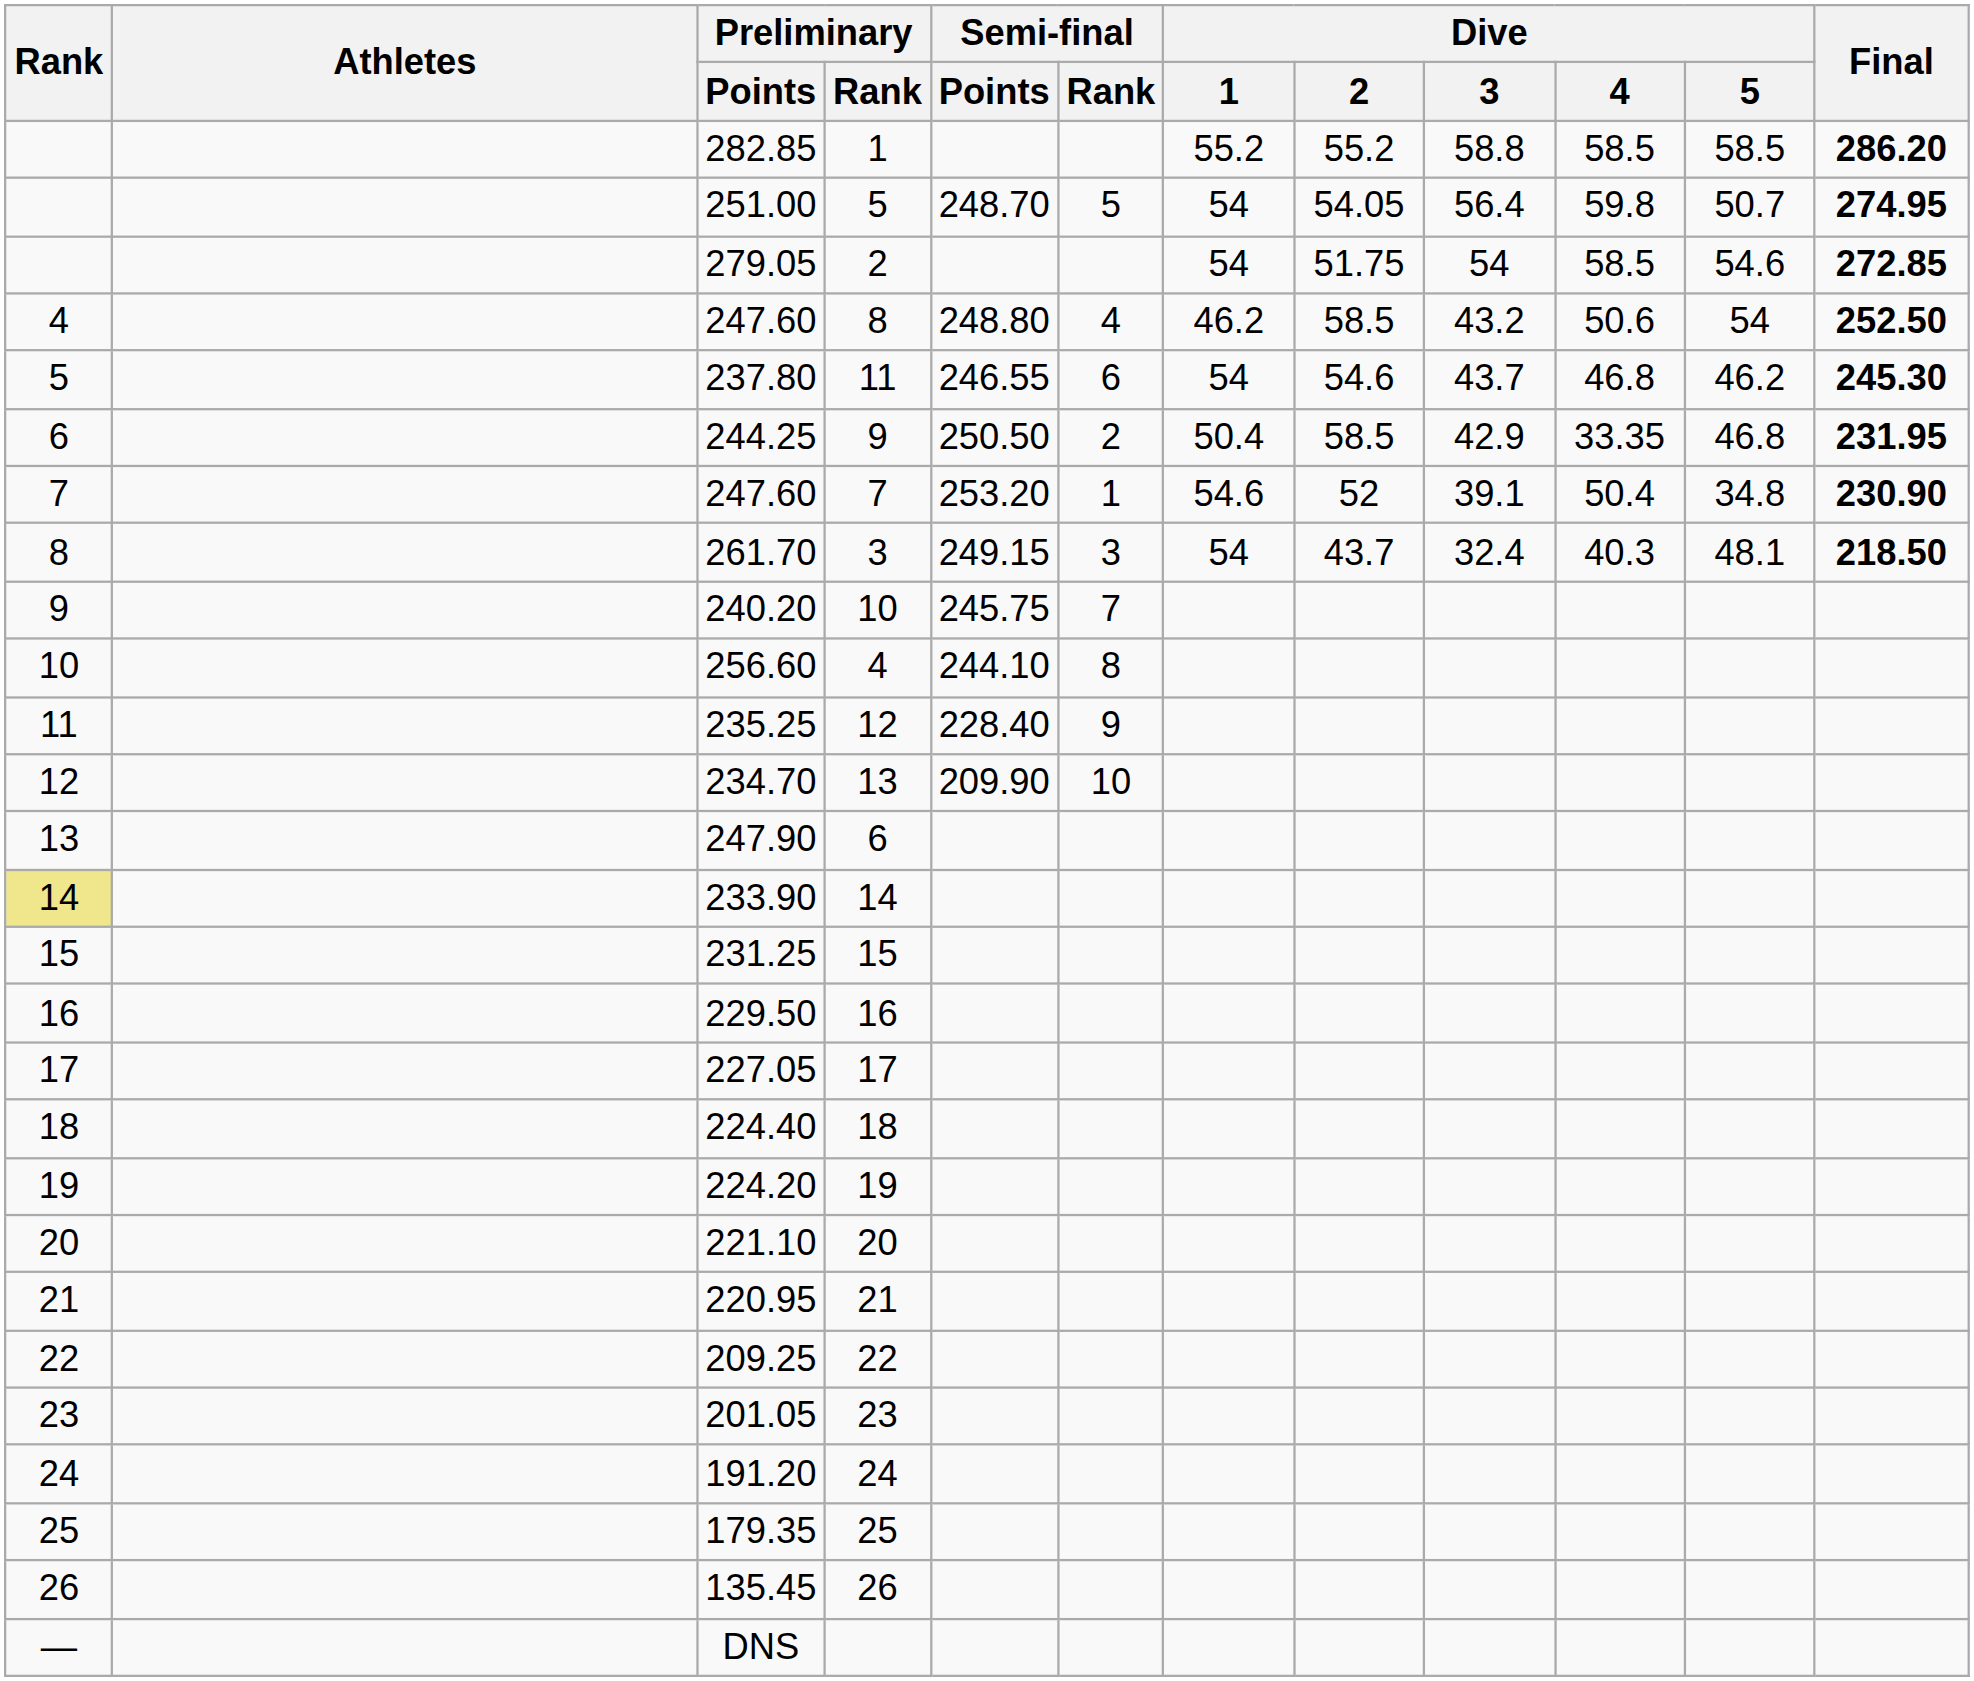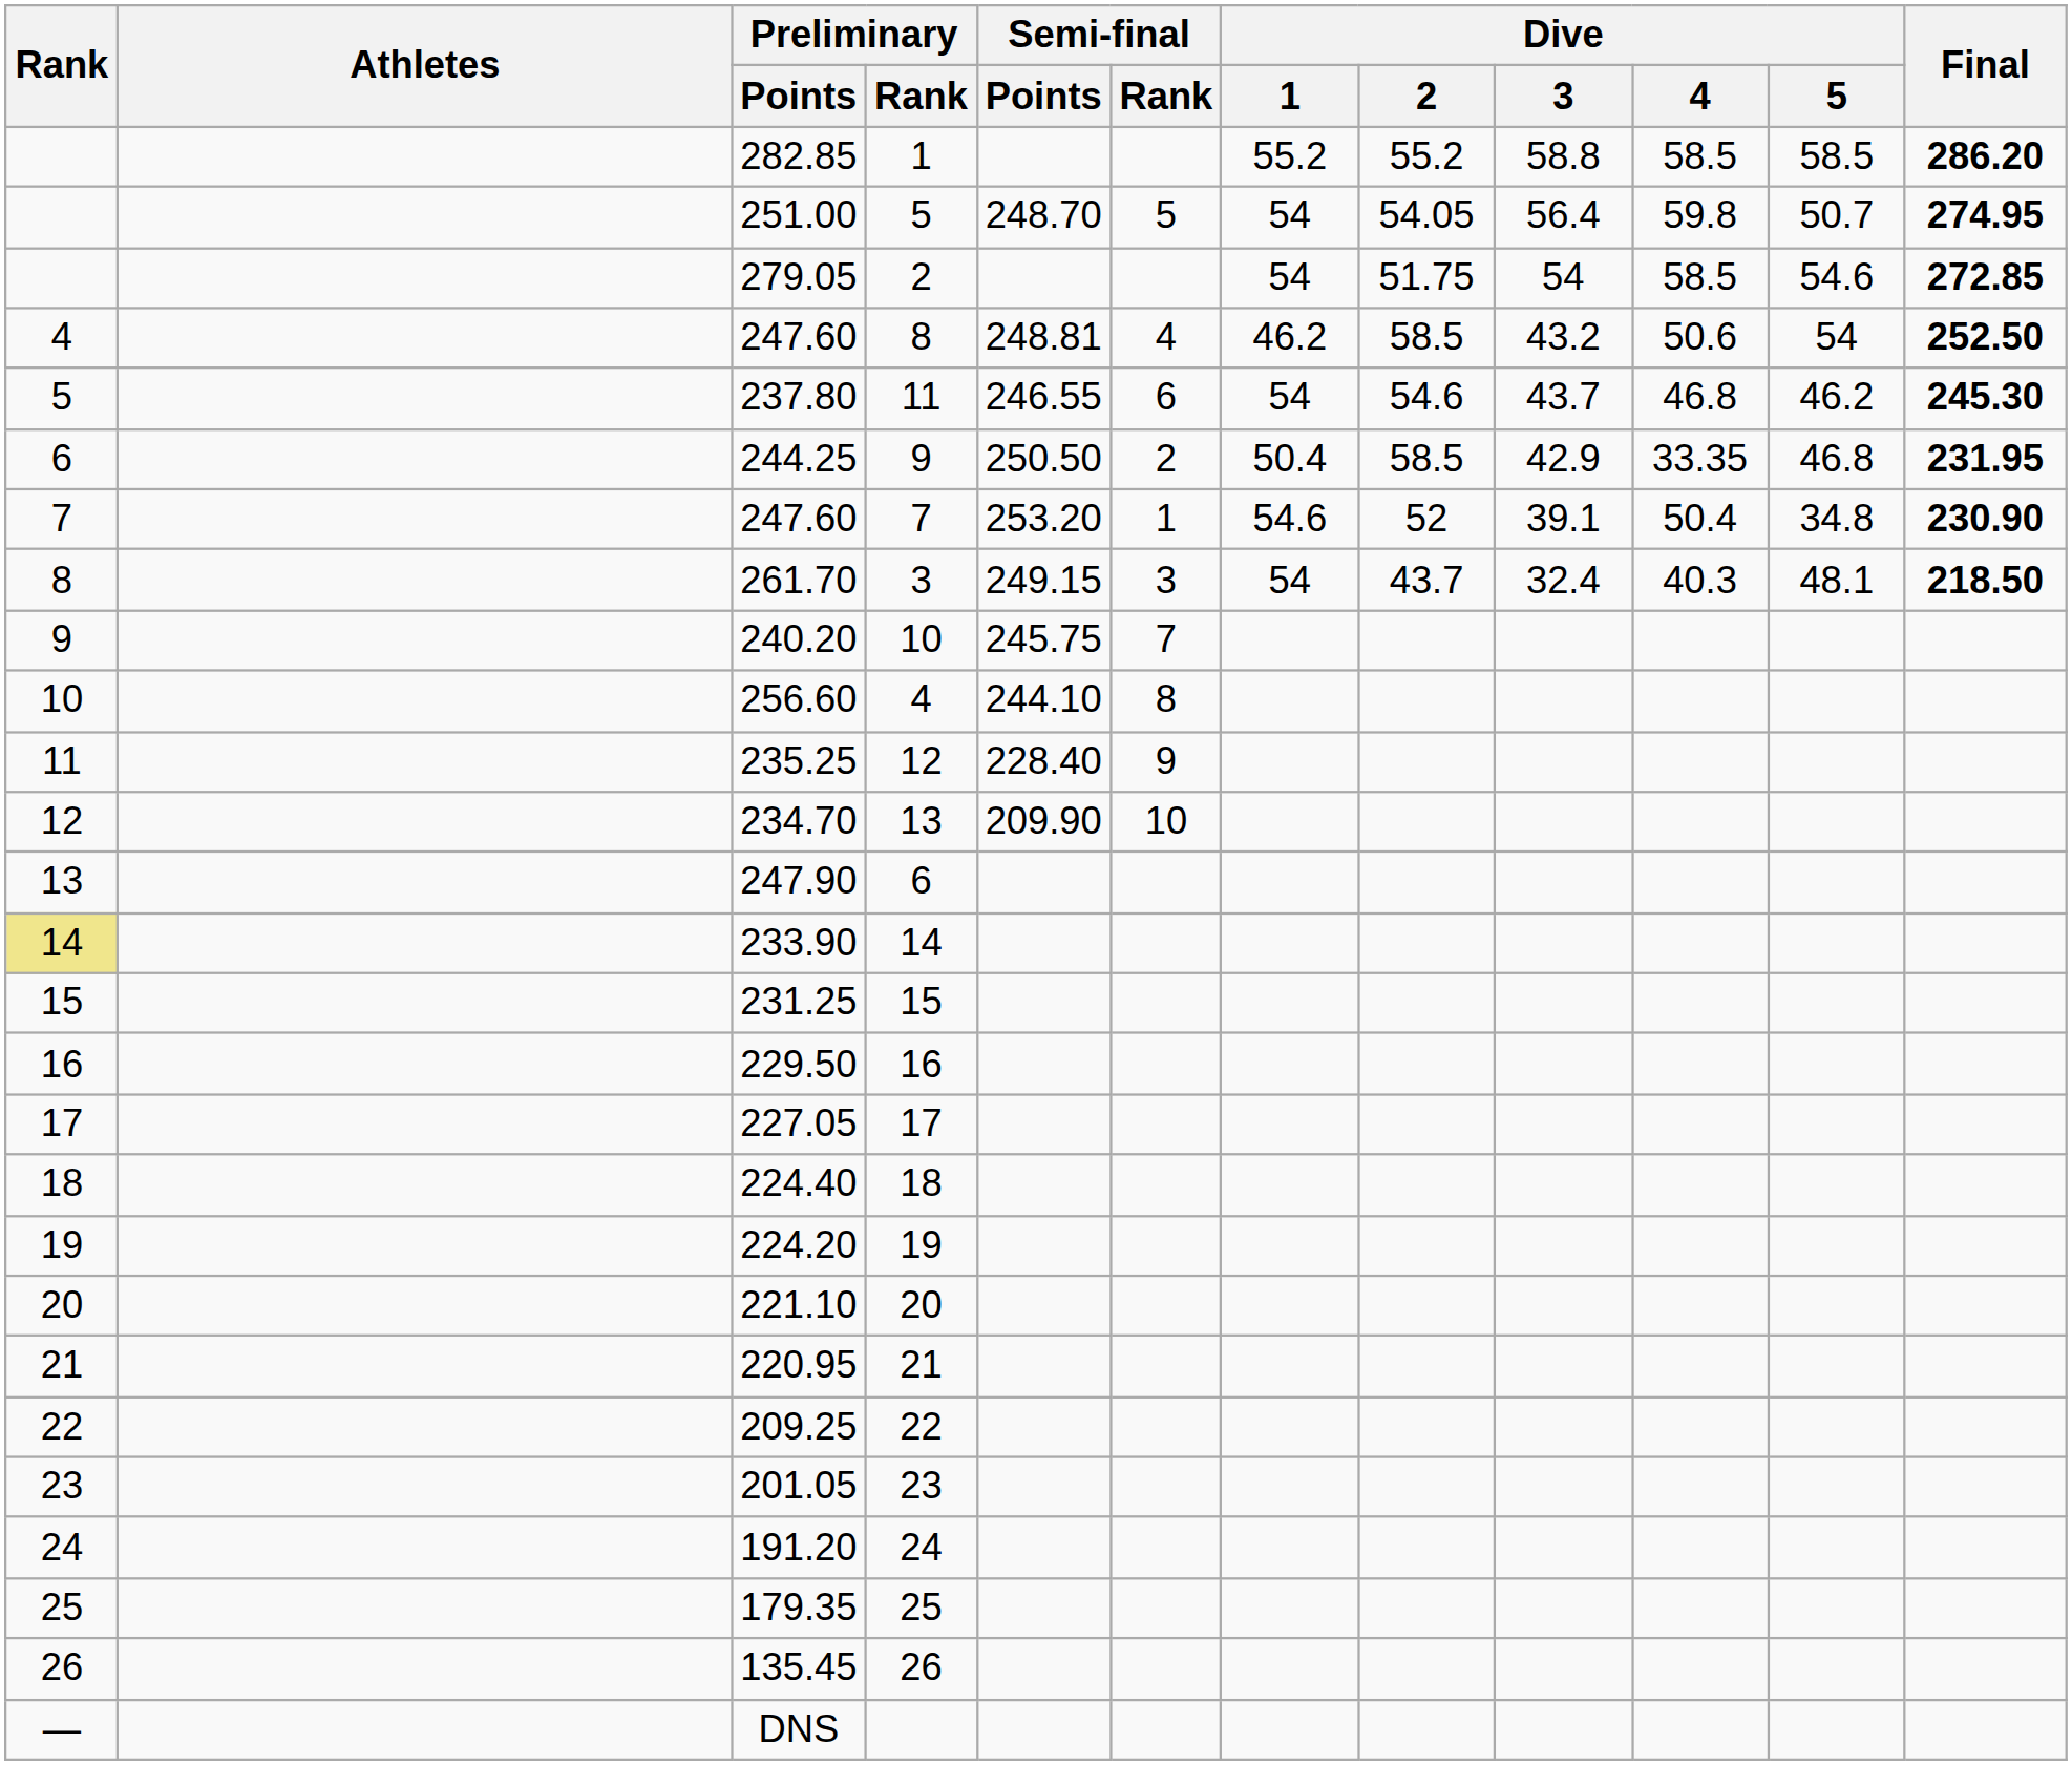 <table class="wikitable" style="text-align:center">
 <tr>
 <th rowspan="2" width=40>Rank</th>
 <th rowspan="2" width=250>Athletes</th>
 <th colspan="2">Preliminary</th>
 <th colspan="2">Semi-final</th>
 <th colspan="5">Dive</th>
 <th rowspan="2" width=60>Final</th>
 </tr>
 <tr>
 <th>Points</th>
 <th>Rank</th>
 <th>Points</th>
 <th>Rank</th>
 <th width=50>1</th>
 <th width=50>2</th>
 <th width=50>3</th>
 <th width=50>4</th>
 <th width=50>5</th>
 </tr>
 <tr>
 <td></td>
 <td align=left></td>
 <td>282.85</td>
 <td>1</td>
 <td></td>
 <td></td>
 <td>55.2</td>
 <td>55.2</td>
 <td>58.8</td>
 <td>58.5</td>
 <td>58.5</td>
 <td><strong>286.20</strong></td>
 </tr>
 <tr>
 <td></td>
 <td align=left></td>
 <td>251.00</td>
 <td>5</td>
 <td>248.70</td>
 <td>5</td>
 <td>54</td>
 <td>54.05</td>
 <td>56.4</td>
 <td>59.8</td>
 <td>50.7</td>
 <td><strong>274.95</strong></td>
 </tr>
 <tr>
 <td></td>
 <td align=left></td>
 <td>279.05</td>
 <td>2</td>
 <td></td>
 <td></td>
 <td>54</td>
 <td>51.75</td>
 <td>54</td>
 <td>58.5</td>
 <td>54.6</td>
 <td><strong>272.85</strong></td>
 </tr>
 <tr>
 <td>4</td>
 <td align=left></td>
 <td>247.60</td>
 <td>8</td>
-<td>248.80</td>
+<td>248.81</td>
 <td>4</td>
 <td>46.2</td>
 <td>58.5</td>
 <td>43.2</td>
 <td>50.6</td>
 <td>54</td>
 <td><strong>252.50</strong></td>
 </tr>
 <tr>
 <td>5</td>
 <td align=left></td>
 <td>237.80</td>
 <td>11</td>
 <td>246.55</td>
 <td>6</td>
 <td>54</td>
 <td>54.6</td>
 <td>43.7</td>
 <td>46.8</td>
 <td>46.2</td>
 <td><strong>245.30</strong></td>
 </tr>
 <tr>
 <td>6</td>
 <td align=left></td>
 <td>244.25</td>
 <td>9</td>
 <td>250.50</td>
 <td>2</td>
 <td>50.4</td>
 <td>58.5</td>
 <td>42.9</td>
 <td>33.35</td>
 <td>46.8</td>
 <td><strong>231.95</strong></td>
 </tr>
 <tr>
 <td>7</td>
 <td align=left></td>
 <td>247.60</td>
 <td>7</td>
 <td>253.20</td>
 <td>1</td>
 <td>54.6</td>
 <td>52</td>
 <td>39.1</td>
 <td>50.4</td>
 <td>34.8</td>
 <td><strong>230.90</strong></td>
 </tr>
 <tr>
 <td>8</td>
 <td align=left></td>
 <td>261.70</td>
 <td>3</td>
 <td>249.15</td>
 <td>3</td>
 <td>54</td>
 <td>43.7</td>
 <td>32.4</td>
 <td>40.3</td>
 <td>48.1</td>
 <td><strong>218.50</strong></td>
 </tr>
 <tr>
 <td>9</td>
 <td align=left></td>
 <td>240.20</td>
 <td>10</td>
 <td>245.75</td>
 <td>7</td>
 <td></td>
 <td></td>
 <td></td>
 <td></td>
 <td></td>
 <td></td>
 </tr>
 <tr>
 <td>10</td>
 <td align=left></td>
 <td>256.60</td>
 <td>4</td>
 <td>244.10</td>
 <td>8</td>
 <td></td>
 <td></td>
 <td></td>
 <td></td>
 <td></td>
 <td></td>
 </tr>
 <tr>
 <td>11</td>
 <td align=left></td>
 <td>235.25</td>
 <td>12</td>
 <td>228.40</td>
 <td>9</td>
 <td></td>
 <td></td>
 <td></td>
 <td></td>
 <td></td>
 <td></td>
 </tr>
 <tr>
 <td>12</td>
 <td align=left></td>
 <td>234.70</td>
 <td>13</td>
 <td>209.90</td>
 <td>10</td>
 <td></td>
 <td></td>
 <td></td>
 <td></td>
 <td></td>
 <td></td>
 </tr>
 <tr>
 <td>13</td>
 <td align=left></td>
 <td>247.90</td>
 <td>6</td>
 <td></td>
 <td></td>
 <td></td>
 <td></td>
 <td></td>
 <td></td>
 <td></td>
 <td></td>
 </tr>
 <tr>
 <td style="background: khaki;">14</td>
 <td align=left></td>
 <td>233.90</td>
 <td>14</td>
 <td></td>
 <td></td>
 <td></td>
 <td></td>
 <td></td>
 <td></td>
 <td></td>
 <td></td>
 </tr>
 <tr>
 <td>15</td>
 <td align=left></td>
 <td>231.25</td>
 <td>15</td>
 <td></td>
 <td></td>
 <td></td>
 <td></td>
 <td></td>
 <td></td>
 <td></td>
 <td></td>
 </tr>
 <tr>
 <td>16</td>
 <td align=left></td>
 <td>229.50</td>
 <td>16</td>
 <td></td>
 <td></td>
 <td></td>
 <td></td>
 <td></td>
 <td></td>
 <td></td>
 <td></td>
 </tr>
 <tr>
 <td>17</td>
 <td align=left></td>
 <td>227.05</td>
 <td>17</td>
 <td></td>
 <td></td>
 <td></td>
 <td></td>
 <td></td>
 <td></td>
 <td></td>
 <td></td>
 </tr>
 <tr>
 <td>18</td>
 <td align=left></td>
 <td>224.40</td>
 <td>18</td>
 <td></td>
 <td></td>
 <td></td>
 <td></td>
 <td></td>
 <td></td>
 <td></td>
 <td></td>
 </tr>
 <tr>
 <td>19</td>
 <td align=left></td>
 <td>224.20</td>
 <td>19</td>
 <td></td>
 <td></td>
 <td></td>
 <td></td>
 <td></td>
 <td></td>
 <td></td>
 <td></td>
 </tr>
 <tr>
 <td>20</td>
 <td align=left></td>
 <td>221.10</td>
 <td>20</td>
 <td></td>
 <td></td>
 <td></td>
 <td></td>
 <td></td>
 <td></td>
 <td></td>
 <td></td>
 </tr>
 <tr>
 <td>21</td>
 <td align=left></td>
 <td>220.95</td>
 <td>21</td>
 <td></td>
 <td></td>
 <td></td>
 <td></td>
 <td></td>
 <td></td>
 <td></td>
 <td></td>
 </tr>
 <tr>
 <td>22</td>
 <td align=left></td>
 <td>209.25</td>
 <td>22</td>
 <td></td>
 <td></td>
 <td></td>
 <td></td>
 <td></td>
 <td></td>
 <td></td>
 <td></td>
 </tr>
 <tr>
 <td>23</td>
 <td align=left></td>
 <td>201.05</td>
 <td>23</td>
 <td></td>
 <td></td>
 <td></td>
 <td></td>
 <td></td>
 <td></td>
 <td></td>
 <td></td>
 </tr>
 <tr>
 <td>24</td>
 <td align=left></td>
 <td>191.20</td>
 <td>24</td>
 <td></td>
 <td></td>
 <td></td>
 <td></td>
 <td></td>
 <td></td>
 <td></td>
 <td></td>
 </tr>
 <tr>
 <td>25</td>
 <td align=left></td>
 <td>179.35</td>
 <td>25</td>
 <td></td>
 <td></td>
 <td></td>
 <td></td>
 <td></td>
 <td></td>
 <td></td>
 <td></td>
 </tr>
 <tr>
 <td>26</td>
 <td align=left></td>
 <td>135.45</td>
 <td>26</td>
 <td></td>
 <td></td>
 <td></td>
 <td></td>
 <td></td>
 <td></td>
 <td></td>
 <td></td>
 </tr>
 <tr>
 <td>—</td>
 <td align=left></td>
 <td>DNS</td>
 <td></td>
 <td></td>
 <td></td>
 <td></td>
 <td></td>
 <td></td>
 <td></td>
 <td></td>
 <td></td>
 </tr>
 </table>
